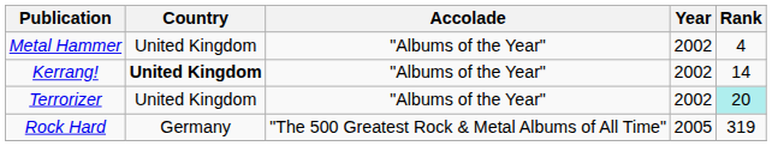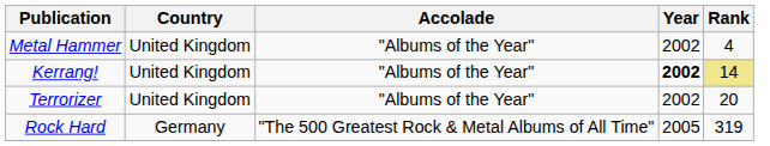 <table class="wikitable" style="text-align:center;">
 <tr>
 <th>Publication</th>
 <th>Country</th>
 <th>Accolade</th>
 <th>Year</th>
 <th>Rank</th>
 </tr>
 <tr>
 <td><em><a href='#'>Metal Hammer</a></em></td>
 <td>United Kingdom</td>
 <td>"Albums of the Year"</td>
 <td>2002</td>
 <td>4</td>
 </tr>
 <tr>
 <td><em><a href='#'>Kerrang!</a></em></td>
-<td><strong>United Kingdom</strong></td>
+<td>United Kingdom</td>
 <td>"Albums of the Year"</td>
-<td>2002</td>
-<td>14</td>
+<td><strong>2002</strong></td>
+<td style="background: khaki;">14</td>
 </tr>
 <tr>
 <td><em><a href='#'>Terrorizer</a></em></td>
 <td>United Kingdom</td>
 <td>"Albums of the Year"</td>
 <td>2002</td>
-<td style="background: paleturquoise;">20</td>
+<td>20</td>
 </tr>
 <tr>
 <td><em><a href='#'>Rock Hard</a></em></td>
 <td>Germany</td>
 <td>"The 500 Greatest Rock & Metal Albums of All Time"</td>
 <td>2005</td>
 <td>319</td>
 </tr>
 <tr>
 </tr>
 </table>
